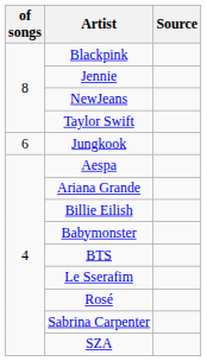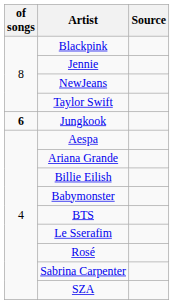 <table class="wikitable" style="text-align: center;">
 <tr>
 <th> of <br>songs</th>
 <th>Artist</th>
 <th>Source</th>
 </tr>
 <tr>
 <td rowspan="4">8</td>
 <td><a href='#'>Blackpink</a></td>
 <td></td>
 </tr>
 <tr>
 <td><a href='#'>Jennie</a></td>
 <td></td>
 </tr>
 <tr>
 <td><a href='#'>NewJeans</a></td>
 <td></td>
 </tr>
 <tr>
 <td><a href='#'>Taylor Swift</a></td>
 <td></td>
 </tr>
 <tr>
-<td>6</td>
+<td><strong>6</strong></td>
 <td><a href='#'>Jungkook</a></td>
 <td></td>
 </tr>
 <tr>
 <td rowspan="9">4</td>
 <td><a href='#'>Aespa</a></td>
 <td></td>
 </tr>
 <tr>
 <td><a href='#'>Ariana Grande</a></td>
 <td></td>
 </tr>
 <tr>
 <td><a href='#'>Billie Eilish</a></td>
 <td></td>
 </tr>
 <tr>
 <td><a href='#'>Babymonster</a></td>
 <td></td>
 </tr>
 <tr>
 <td><a href='#'>BTS</a></td>
 <td></td>
 </tr>
 <tr>
 <td><a href='#'>Le Sserafim</a></td>
 <td></td>
 </tr>
 <tr>
 <td><a href='#'>Rosé</a></td>
 <td></td>
 </tr>
 <tr>
 <td><a href='#'>Sabrina Carpenter</a></td>
 <td></td>
 </tr>
 <tr>
 <td><a href='#'>SZA</a></td>
 <td></td>
 </tr>
 </table>
